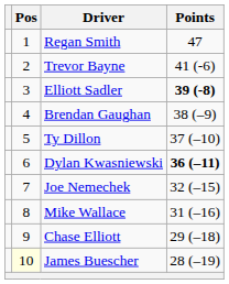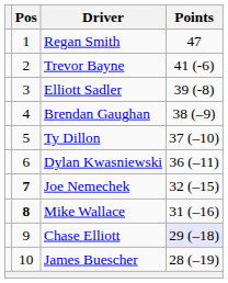 <table class="wikitable" style="font-size: 95%;">
 <tr>
 <th></th>
 <th>Pos</th>
 <th>Driver</th>
 <th>Points</th>
 </tr>
 <tr>
 <td align="left"></td>
 <td style="text-align:center;">1</td>
 <td><a href='#'>Regan Smith</a></td>
 <td style="text-align:center;">47</td>
 </tr>
 <tr>
 <td align="left"></td>
 <td style="text-align:center;">2</td>
 <td><a href='#'>Trevor Bayne</a></td>
 <td style="text-align:center;">41 (-6)</td>
 </tr>
 <tr>
 <td align="left"></td>
 <td style="text-align:center;">3</td>
 <td><a href='#'>Elliott Sadler</a></td>
-<td style="text-align:center;"><strong>39 (-8)</strong></td>
+<td style="text-align:center;">39 (-8)</td>
 </tr>
 <tr>
 <td align="left"></td>
 <td style="text-align:center;">4</td>
 <td><a href='#'>Brendan Gaughan</a></td>
 <td style="text-align:center;">38 (–9)</td>
 </tr>
 <tr>
 <td align="left"></td>
 <td style="text-align:center;">5</td>
 <td><a href='#'>Ty Dillon</a></td>
 <td style="text-align:center;">37 (–10)</td>
 </tr>
 <tr>
 <td align="left"></td>
 <td style="text-align:center;">6</td>
 <td><a href='#'>Dylan Kwasniewski</a></td>
-<td style="text-align:center;"><strong>36 (–11)</strong></td>
+<td style="text-align:center;">36 (–11)</td>
 </tr>
 <tr>
 <td align="left"></td>
-<td style="text-align:center;">7</td>
+<td style="text-align:center;"><strong>7</strong></td>
 <td><a href='#'>Joe Nemechek</a></td>
 <td style="text-align:center;">32 (–15)</td>
 </tr>
 <tr>
 <td align="left"></td>
-<td style="text-align:center;">8</td>
+<td style="text-align:center;"><strong>8</strong></td>
 <td><a href='#'>Mike Wallace</a></td>
 <td style="text-align:center;">31 (–16)</td>
 </tr>
 <tr>
 <td align="left"></td>
 <td style="text-align:center;">9</td>
 <td><a href='#'>Chase Elliott</a></td>
-<td style="text-align:center;">29 (–18)</td>
+<td style="background: lavender; text-align:center;">29 (–18)</td>
 </tr>
 <tr>
 <td align="left"></td>
-<td style="background: lightyellow; text-align:center;">10</td>
+<td style="text-align:center;">10</td>
 <td><a href='#'>James Buescher</a></td>
 <td style="text-align:center;">28 (–19)</td>
 </tr>
 <tr class="sortbottom">
 <th colspan="9"></th>
 </tr>
 </table>
